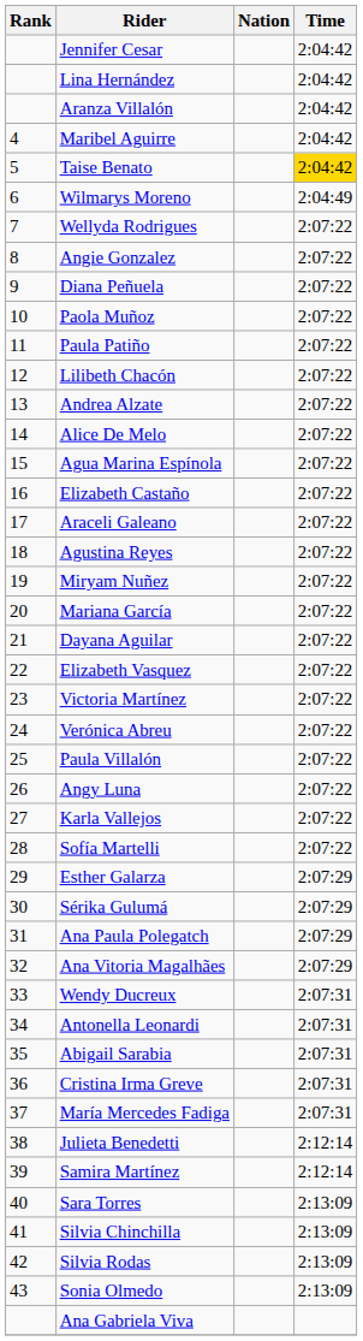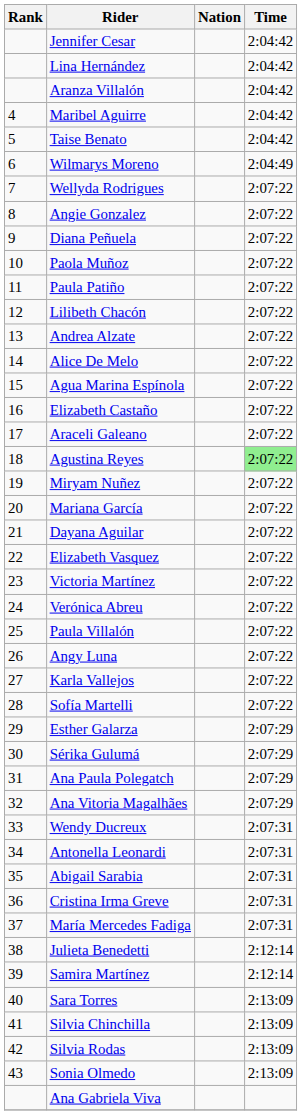 <table class="wikitable sortable" style="font-size:95%" style="width:35em;" style="text-align:center">
 <tr>
 <th>Rank</th>
 <th>Rider</th>
 <th>Nation</th>
 <th>Time</th>
 </tr>
 <tr>
 <td></td>
 <td align=left><a href='#'>Jennifer Cesar</a></td>
 <td align=left></td>
 <td>2:04:42</td>
 </tr>
 <tr>
 <td></td>
 <td align=left><a href='#'>Lina Hernández</a></td>
 <td align=left></td>
 <td>2:04:42</td>
 </tr>
 <tr>
 <td></td>
 <td align=left><a href='#'>Aranza Villalón</a></td>
 <td align=left></td>
 <td>2:04:42</td>
 </tr>
 <tr>
 <td>4</td>
 <td align=left><a href='#'>Maribel Aguirre</a></td>
 <td align=left></td>
 <td>2:04:42</td>
 </tr>
 <tr>
 <td>5</td>
 <td align=left><a href='#'>Taise Benato</a></td>
 <td align=left></td>
-<td style="background: gold;">2:04:42</td>
+<td>2:04:42</td>
 </tr>
 <tr>
 <td>6</td>
 <td align=left><a href='#'>Wilmarys Moreno</a></td>
 <td align=left></td>
 <td>2:04:49</td>
 </tr>
 <tr>
 <td>7</td>
 <td align=left><a href='#'>Wellyda Rodrigues</a></td>
 <td align=left></td>
 <td>2:07:22</td>
 </tr>
 <tr>
 <td>8</td>
 <td align=left><a href='#'>Angie Gonzalez</a></td>
 <td align=left></td>
 <td>2:07:22</td>
 </tr>
 <tr>
 <td>9</td>
 <td align=left><a href='#'>Diana Peñuela</a></td>
 <td align=left></td>
 <td>2:07:22</td>
 </tr>
 <tr>
 <td>10</td>
 <td align=left><a href='#'>Paola Muñoz</a></td>
 <td align=left></td>
 <td>2:07:22</td>
 </tr>
 <tr>
 <td>11</td>
 <td align=left><a href='#'>Paula Patiño</a></td>
 <td align=left></td>
 <td>2:07:22</td>
 </tr>
 <tr>
 <td>12</td>
 <td align=left><a href='#'>Lilibeth Chacón</a></td>
 <td align=left></td>
 <td>2:07:22</td>
 </tr>
 <tr>
 <td>13</td>
 <td align=left><a href='#'>Andrea Alzate</a></td>
 <td align=left></td>
 <td>2:07:22</td>
 </tr>
 <tr>
 <td>14</td>
 <td align=left><a href='#'>Alice De Melo</a></td>
 <td align=left></td>
 <td>2:07:22</td>
 </tr>
 <tr>
 <td>15</td>
 <td align=left><a href='#'>Agua Marina Espínola</a></td>
 <td align=left></td>
 <td>2:07:22</td>
 </tr>
 <tr>
 <td>16</td>
 <td align=left><a href='#'>Elizabeth Castaño</a></td>
 <td align=left></td>
 <td>2:07:22</td>
 </tr>
 <tr>
 <td>17</td>
 <td align=left><a href='#'>Araceli Galeano</a></td>
 <td align=left></td>
 <td>2:07:22</td>
 </tr>
 <tr>
 <td>18</td>
 <td align=left><a href='#'>Agustina Reyes</a></td>
 <td align=left></td>
-<td>2:07:22</td>
+<td style="background: lightgreen;">2:07:22</td>
 </tr>
 <tr>
 <td>19</td>
 <td align=left><a href='#'>Miryam Nuñez</a></td>
 <td align=left></td>
 <td>2:07:22</td>
 </tr>
 <tr>
 <td>20</td>
 <td align=left><a href='#'>Mariana García</a></td>
 <td align=left></td>
 <td>2:07:22</td>
 </tr>
 <tr>
 <td>21</td>
 <td align=left><a href='#'>Dayana Aguilar</a></td>
 <td align=left></td>
 <td>2:07:22</td>
 </tr>
 <tr>
 <td>22</td>
 <td align=left><a href='#'>Elizabeth Vasquez</a></td>
 <td align=left></td>
 <td>2:07:22</td>
 </tr>
 <tr>
 <td>23</td>
 <td align=left><a href='#'>Victoria Martínez</a></td>
 <td align=left></td>
 <td>2:07:22</td>
 </tr>
 <tr>
 <td>24</td>
 <td align=left><a href='#'>Verónica Abreu</a></td>
 <td align=left></td>
 <td>2:07:22</td>
 </tr>
 <tr>
 <td>25</td>
 <td align=left><a href='#'>Paula Villalón</a></td>
 <td align=left></td>
 <td>2:07:22</td>
 </tr>
 <tr>
 <td>26</td>
 <td align=left><a href='#'>Angy Luna</a></td>
 <td align=left></td>
 <td>2:07:22</td>
 </tr>
 <tr>
 <td>27</td>
 <td align=left><a href='#'>Karla Vallejos</a></td>
 <td align=left></td>
 <td>2:07:22</td>
 </tr>
 <tr>
 <td>28</td>
 <td align=left><a href='#'>Sofía Martelli</a></td>
 <td align=left></td>
 <td>2:07:22</td>
 </tr>
 <tr>
 <td>29</td>
 <td align=left><a href='#'>Esther Galarza</a></td>
 <td align=left></td>
 <td>2:07:29</td>
 </tr>
 <tr>
 <td>30</td>
 <td align=left><a href='#'>Sérika Gulumá</a></td>
 <td align=left></td>
 <td>2:07:29</td>
 </tr>
 <tr>
 <td>31</td>
 <td align=left><a href='#'>Ana Paula Polegatch</a></td>
 <td align=left></td>
 <td>2:07:29</td>
 </tr>
 <tr>
 <td>32</td>
 <td align=left><a href='#'>Ana Vitoria Magalhães</a></td>
 <td align=left></td>
 <td>2:07:29</td>
 </tr>
 <tr>
 <td>33</td>
 <td align=left><a href='#'>Wendy Ducreux</a></td>
 <td align=left></td>
 <td>2:07:31</td>
 </tr>
 <tr>
 <td>34</td>
 <td align=left><a href='#'>Antonella Leonardi</a></td>
 <td align=left></td>
 <td>2:07:31</td>
 </tr>
 <tr>
 <td>35</td>
 <td align=left><a href='#'>Abigail Sarabia</a></td>
 <td align=left></td>
 <td>2:07:31</td>
 </tr>
 <tr>
 <td>36</td>
 <td align=left><a href='#'>Cristina Irma Greve</a></td>
 <td align=left></td>
 <td>2:07:31</td>
 </tr>
 <tr>
 <td>37</td>
 <td align=left><a href='#'>María Mercedes Fadiga</a></td>
 <td align=left></td>
 <td>2:07:31</td>
 </tr>
 <tr>
 <td>38</td>
 <td align=left><a href='#'>Julieta Benedetti</a></td>
 <td align=left></td>
 <td>2:12:14</td>
 </tr>
 <tr>
 <td>39</td>
 <td align=left><a href='#'>Samira Martínez</a></td>
 <td align=left></td>
 <td>2:12:14</td>
 </tr>
 <tr>
 <td>40</td>
 <td align=left><a href='#'>Sara Torres</a></td>
 <td align=left></td>
 <td>2:13:09</td>
 </tr>
 <tr>
 <td>41</td>
 <td align=left><a href='#'>Silvia Chinchilla</a></td>
 <td align=left></td>
 <td>2:13:09</td>
 </tr>
 <tr>
 <td>42</td>
 <td align=left><a href='#'>Silvia Rodas</a></td>
 <td align=left></td>
 <td>2:13:09</td>
 </tr>
 <tr>
 <td>43</td>
 <td align=left><a href='#'>Sonia Olmedo</a></td>
 <td align=left></td>
 <td>2:13:09</td>
 </tr>
 <tr>
 <td></td>
 <td align=left><a href='#'>Ana Gabriela Viva</a></td>
 <td align=left></td>
 <td></td>
 </tr>
 <tr>
 </tr>
 </table>
